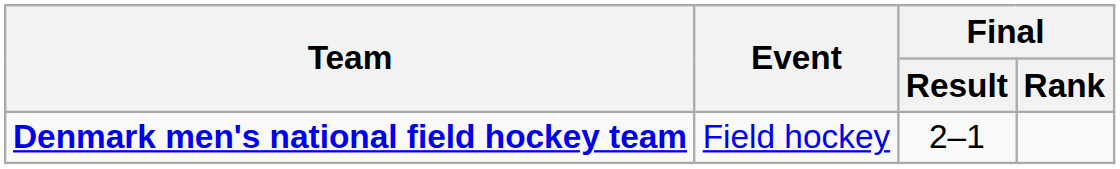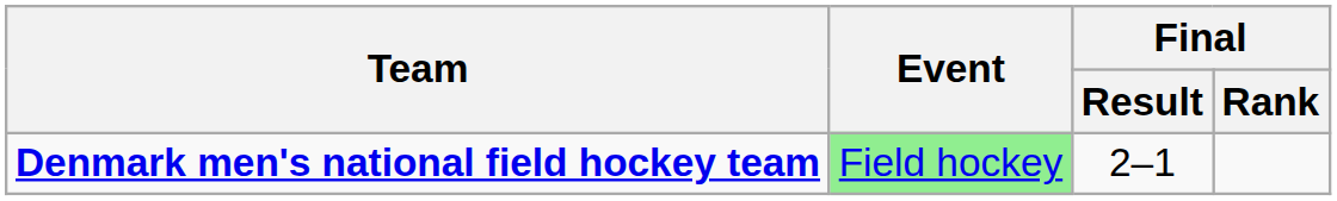 <table class=wikitable style="font-size:90%">
 <tr>
 <th rowspan=2>Team</th>
 <th rowspan=2>Event</th>
 <th colspan=2>Final</th>
 </tr>
 <tr>
 <th>Result</th>
 <th>Rank</th>
 </tr>
 <tr>
 <td><strong><a href='#'>Denmark men's national field hockey team</a></strong></td>
-<td><a href='#'>Field hockey</a></td>
+<td style="background: lightgreen;"><a href='#'>Field hockey</a></td>
 <td align=center>2–1</td>
 <td align=center></td>
 </tr>
 </table>
